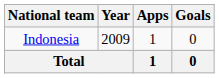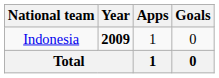 <table class=wikitable style=text-align:center>
 <tr>
 <th>National team</th>
 <th>Year</th>
 <th>Apps</th>
 <th>Goals</th>
 </tr>
 <tr>
 <td><a href='#'>Indonesia</a></td>
-<td>2009</td>
+<td><strong>2009</strong></td>
 <td>1</td>
 <td>0</td>
 </tr>
 <tr>
 <th colspan=2>Total</th>
 <th>1</th>
 <th>0</th>
 </tr>
 </table>
